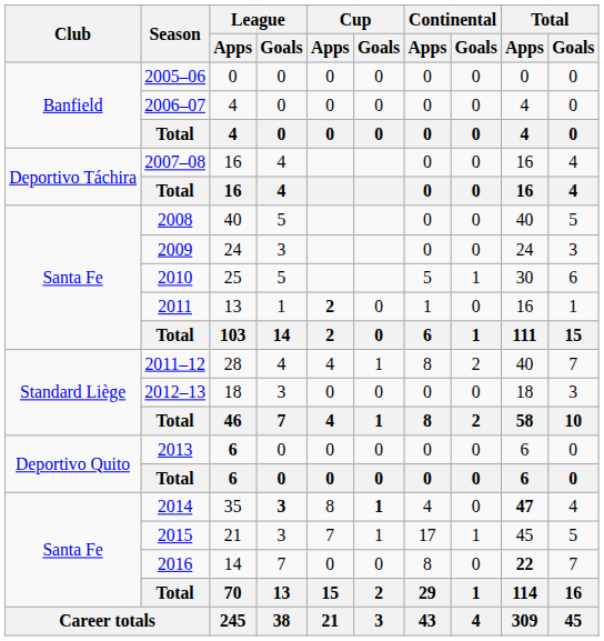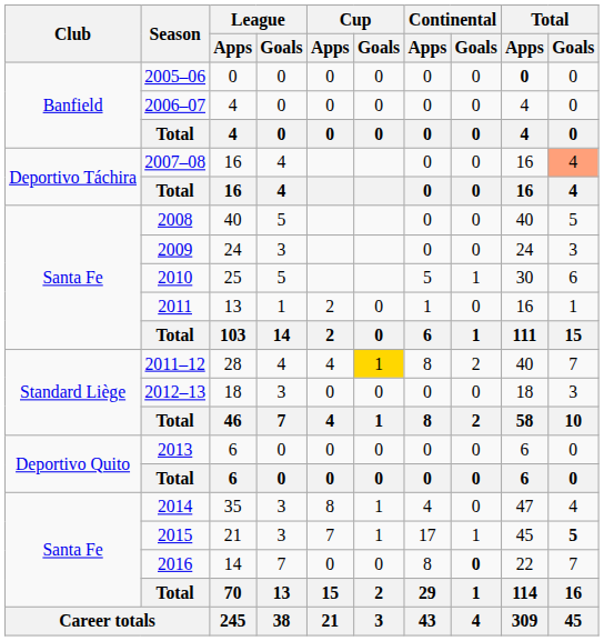 <table class="wikitable" style="font-size:95%; text-align: center;">
 <tr>
 <th rowspan="2">Club</th>
 <th rowspan="2">Season</th>
 <th colspan="2">League</th>
 <th colspan="2">Cup</th>
 <th colspan="2">Continental</th>
 <th colspan="2">Total</th>
 </tr>
 <tr>
 <th>Apps</th>
 <th>Goals</th>
 <th>Apps</th>
 <th>Goals</th>
 <th>Apps</th>
 <th>Goals</th>
 <th>Apps</th>
 <th>Goals</th>
 </tr>
 <tr>
 <td rowspan="3" align="center"><a href='#'>Banfield</a></td>
 <td><a href='#'>2005–06</a></td>
 <td>0</td>
 <td>0</td>
 <td>0</td>
 <td>0</td>
 <td>0</td>
 <td>0</td>
-<td>0</td>
+<td><strong>0</strong></td>
 <td>0</td>
 </tr>
 <tr>
 <td><a href='#'>2006–07</a></td>
 <td>4</td>
 <td>0</td>
 <td>0</td>
 <td>0</td>
 <td>0</td>
 <td>0</td>
 <td>4</td>
 <td>0</td>
 </tr>
 <tr>
 <th>Total</th>
 <th>4</th>
 <th>0</th>
 <th>0</th>
 <th>0</th>
 <th>0</th>
 <th>0</th>
 <th>4</th>
 <th>0</th>
 </tr>
 <tr>
 <td rowspan="2" align="center"><a href='#'>Deportivo Táchira</a></td>
 <td><a href='#'>2007–08</a></td>
 <td>16</td>
 <td>4</td>
 <td></td>
 <td></td>
 <td>0</td>
 <td>0</td>
 <td>16</td>
-<td>4</td>
+<td style="background: lightsalmon;">4</td>
 </tr>
 <tr>
 <th>Total</th>
 <th>16</th>
 <th>4</th>
 <th></th>
 <th></th>
 <th>0</th>
 <th>0</th>
 <th>16</th>
 <th>4</th>
 </tr>
 <tr>
 <td rowspan="5" align="center"><a href='#'>Santa Fe</a></td>
 <td><a href='#'>2008</a></td>
 <td>40</td>
 <td>5</td>
 <td></td>
 <td></td>
 <td>0</td>
 <td>0</td>
 <td>40</td>
 <td>5</td>
 </tr>
 <tr>
 <td><a href='#'>2009</a></td>
 <td>24</td>
 <td>3</td>
 <td></td>
 <td></td>
 <td>0</td>
 <td>0</td>
 <td>24</td>
 <td>3</td>
 </tr>
 <tr>
 <td><a href='#'>2010</a></td>
 <td>25</td>
 <td>5</td>
 <td></td>
 <td></td>
 <td>5</td>
 <td>1</td>
 <td>30</td>
 <td>6</td>
 </tr>
 <tr>
 <td><a href='#'>2011</a></td>
 <td>13</td>
 <td>1</td>
-<td><strong>2</strong></td>
+<td>2</td>
 <td>0</td>
 <td>1</td>
 <td>0</td>
 <td>16</td>
 <td>1</td>
 </tr>
 <tr>
 <th>Total</th>
 <th>103</th>
 <th>14</th>
 <th>2</th>
 <th>0</th>
 <th>6</th>
 <th>1</th>
 <th>111</th>
 <th>15</th>
 </tr>
 <tr>
 <td rowspan="3" align="center"><a href='#'>Standard Liège</a></td>
 <td><a href='#'>2011–12</a></td>
 <td>28</td>
 <td>4</td>
 <td>4</td>
-<td>1</td>
+<td style="background: gold;">1</td>
 <td>8</td>
 <td>2</td>
 <td>40</td>
 <td>7</td>
 </tr>
 <tr>
 <td><a href='#'>2012–13</a></td>
 <td>18</td>
 <td>3</td>
 <td>0</td>
 <td>0</td>
 <td>0</td>
 <td>0</td>
 <td>18</td>
 <td>3</td>
 </tr>
 <tr>
 <th>Total</th>
 <th>46</th>
 <th>7</th>
 <th>4</th>
 <th>1</th>
 <th>8</th>
 <th>2</th>
 <th>58</th>
 <th>10</th>
 </tr>
 <tr>
 <td rowspan="2" align="center"><a href='#'>Deportivo Quito</a></td>
 <td><a href='#'>2013</a></td>
-<td><strong>6</strong></td>
+<td>6</td>
 <td>0</td>
 <td>0</td>
 <td>0</td>
 <td>0</td>
 <td>0</td>
 <td>6</td>
 <td>0</td>
 </tr>
 <tr>
 <th>Total</th>
 <th>6</th>
 <th>0</th>
 <th>0</th>
 <th>0</th>
 <th>0</th>
 <th>0</th>
 <th>6</th>
 <th>0</th>
 </tr>
 <tr>
 <td rowspan="4" align="center"><a href='#'>Santa Fe</a></td>
 <td><a href='#'>2014</a></td>
 <td>35</td>
-<td><strong>3</strong></td>
+<td>3</td>
 <td>8</td>
-<td><strong>1</strong></td>
+<td>1</td>
 <td>4</td>
 <td>0</td>
-<td><strong>47</strong></td>
+<td>47</td>
 <td>4</td>
 </tr>
 <tr>
 <td><a href='#'>2015</a></td>
 <td>21</td>
 <td>3</td>
 <td>7</td>
 <td>1</td>
 <td>17</td>
 <td>1</td>
 <td>45</td>
-<td>5</td>
+<td><strong>5</strong></td>
 </tr>
 <tr>
 <td><a href='#'>2016</a></td>
 <td>14</td>
 <td>7</td>
 <td>0</td>
 <td>0</td>
 <td>8</td>
-<td>0</td>
-<td><strong>22</strong></td>
+<td><strong>0</strong></td>
+<td>22</td>
 <td>7</td>
 </tr>
 <tr>
 <th>Total</th>
 <th>70</th>
 <th>13</th>
 <th>15</th>
 <th>2</th>
 <th>29</th>
 <th>1</th>
 <th>114</th>
 <th>16</th>
 </tr>
 <tr>
 <th colspan="2">Career totals</th>
 <th>245</th>
 <th>38</th>
 <th>21</th>
 <th>3</th>
 <th>43</th>
 <th>4</th>
 <th>309</th>
 <th>45</th>
 </tr>
 </table>
